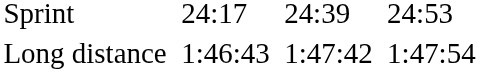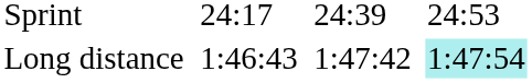 <table>
 <tr>
 <td>Sprint</td>
 <td></td>
 <td>24:17</td>
 <td></td>
 <td>24:39</td>
 <td></td>
 <td>24:53</td>
 </tr>
 <tr>
 <td>Long distance</td>
 <td></td>
 <td>1:46:43</td>
 <td></td>
 <td>1:47:42</td>
 <td></td>
-<td>1:47:54</td>
+<td style="background: paleturquoise;">1:47:54</td>
 </tr>
 </table>
